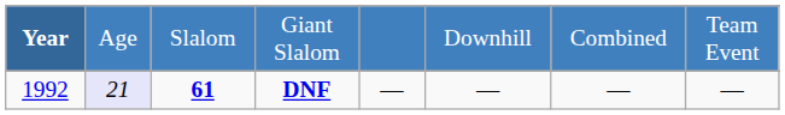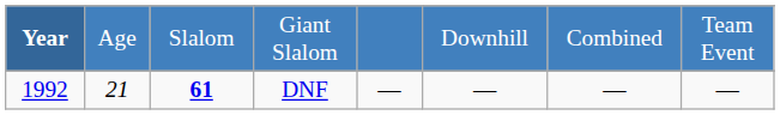 <table class="wikitable" style="font-size:95%; text-align:center; border:grey solid 1px; border-collapse:collapse;" width="40%">
 <tr style="background-color:#369; color:white;">
 <td rowspan="2" colspan="1" width="4%"><strong>Year</strong></td>
 </tr>
 <tr style="background-color:#4180be; color:white;">
 <td width="3%">Age</td>
 <td width="5%">Slalom</td>
 <td width="5%">Giant<br>Slalom</td>
 <td width="5%"></td>
 <td width="5%">Downhill</td>
 <td width="5%">Combined</td>
 <td width="5%">Team Event</td>
 </tr>
 <tr style="background-color:#8CB2D8; color:white;">
 </tr>
 <tr>
 <td><a href='#'>1992</a></td>
-<td style="background: lavender;"><em>21</em></td>
+<td><em>21</em></td>
 <td><strong><a href='#'>61</a></strong></td>
-<td><strong><a href='#'>DNF</a></strong></td>
+<td><a href='#'>DNF</a></td>
 <td>—</td>
 <td>—</td>
 <td>—</td>
 <td>—</td>
 </tr>
 </table>
